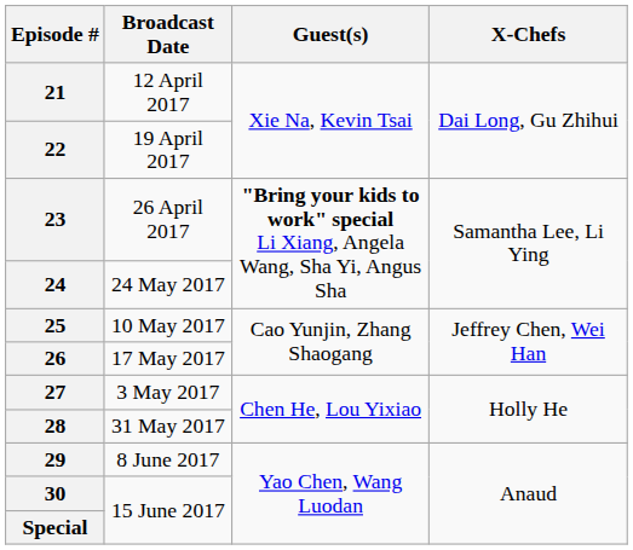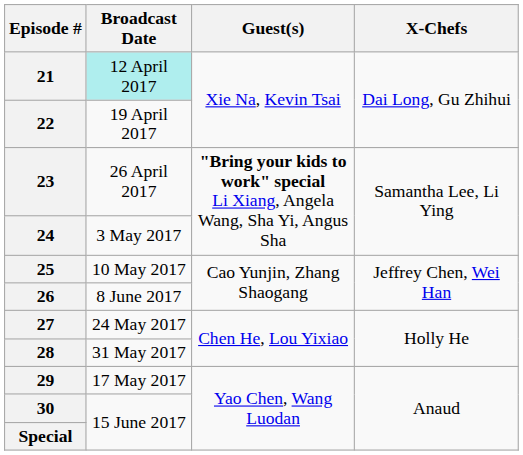 <table class="wikitable" style="text-align:center; width:75%">
 <tr>
 <th style="width:10%;”">Episode #</th>
 <th style="width:15%;”">Broadcast Date</th>
 <th style="width:25%;”">Guest(s)</th>
 <th style="width:25%;”">X-Chefs</th>
 </tr>
 <tr>
 <th>21</th>
-<td>12 April 2017</td>
+<td style="background: paleturquoise;">12 April 2017</td>
 <td rowspan="2"><a href='#'>Xie Na</a>,  <a href='#'>Kevin Tsai</a></td>
 <td rowspan="2"><a href='#'>Dai Long</a>, Gu Zhihui</td>
 </tr>
 <tr>
 <th>22</th>
 <td>19 April 2017</td>
 </tr>
 <tr>
 <th>23</th>
 <td>26 April 2017</td>
 <td rowspan="2"><strong>"Bring your kids to work" special</strong><br><a href='#'>Li Xiang</a>, Angela Wang, Sha Yi, Angus Sha</td>
 <td rowspan="2">Samantha Lee, Li Ying</td>
 </tr>
 <tr>
 <th>24</th>
-<td>24 May 2017</td>
+<td>3 May 2017</td>
 </tr>
 <tr>
 <th>25</th>
 <td>10 May 2017</td>
 <td rowspan="2">Cao Yunjin, Zhang Shaogang</td>
 <td rowspan="2">Jeffrey Chen, <a href='#'>Wei Han</a></td>
 </tr>
 <tr>
 <th>26</th>
-<td>17 May 2017</td>
+<td>8 June 2017</td>
 </tr>
 <tr>
 <th>27</th>
-<td>3 May 2017</td>
+<td>24 May 2017</td>
 <td rowspan="2"><a href='#'>Chen He</a>, <a href='#'>Lou Yixiao</a></td>
 <td rowspan="2">Holly He</td>
 </tr>
 <tr>
 <th>28</th>
 <td>31 May 2017</td>
 </tr>
 <tr>
 <th>29</th>
-<td>8 June 2017</td>
+<td>17 May 2017</td>
 <td rowspan="3"><a href='#'>Yao Chen</a>, <a href='#'>Wang Luodan</a></td>
 <td rowspan="3">Anaud</td>
 </tr>
 <tr>
 <th>30</th>
 <td rowspan="2">15 June 2017</td>
 </tr>
 <tr>
 <th>Special</th>
 </tr>
 </table>
